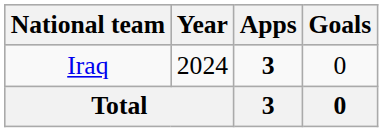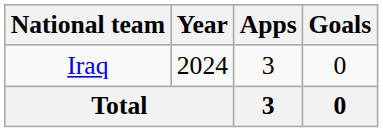 <table class="wikitable" style="text-align:center">
 <tr>
 <th>National team</th>
 <th>Year</th>
 <th>Apps</th>
 <th>Goals</th>
 </tr>
 <tr>
 <td><a href='#'>Iraq</a></td>
 <td>2024</td>
-<td><strong>3</strong></td>
+<td>3</td>
 <td>0</td>
 </tr>
 <tr>
 <th colspan="2">Total</th>
 <th>3</th>
 <th>0</th>
 </tr>
 </table>
